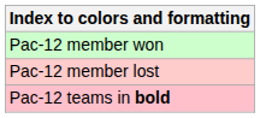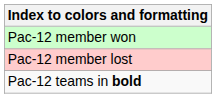 <table class="wikitable">
 <tr>
 <th>Index to colors and formatting</th>
 </tr>
 <tr bgcolor=#ccffcc>
 <td>Pac-12 member won</td>
 </tr>
 <tr bgcolor=#ffcccc>
 <td>Pac-12 member lost</td>
 </tr>
 <tr>
-<td style="background: pink;">Pac-12 teams in <strong>bold</strong></td>
+<td>Pac-12 teams in <strong>bold</strong></td>
 </tr>
 </table>
